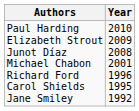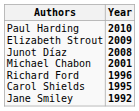 <table class="wikitable">
 <tr>
 <th>Authors</th>
 <th>Year</th>
 </tr>
 <tr>
 <td>Paul Harding<br>Elizabeth Strout<br>Junot Díaz<br>Michael Chabon<br>Richard Ford<br>Carol Shields<br>Jane Smiley</td>
-<td>2010<br>2009<br>2008<br>2001<br>1996<br>1995<br>1992</td>
+<td><strong>2010<br>2009<br>2008<br>2001<br>1996<br>1995<br>1992</strong></td>
 </tr>
 </table>
